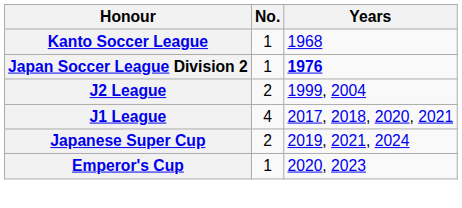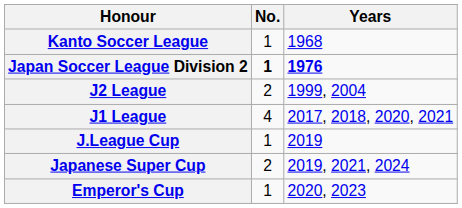 <table class="wikitable">
 <tr>
 <th scope=col>Honour</th>
 <th scope=col>No.</th>
 <th scope=col>Years</th>
 </tr>
 <tr>
 <th scope=row><a href='#'>Kanto Soccer League</a></th>
 <td align="center">1</td>
 <td><a href='#'>1968</a></td>
 </tr>
 <tr>
 <th scope=row><a href='#'>Japan Soccer League</a> Division 2</th>
-<td align="center">1</td>
+<td align="center"><strong>1</strong></td>
 <td><strong><a href='#'>1976</a></strong></td>
 </tr>
 <tr>
 <th scope=row><strong><a href='#'>J2 League</a></strong></th>
 <td align="center">2</td>
 <td><a href='#'>1999</a>, <a href='#'>2004</a></td>
 </tr>
 <tr>
 <th scope=row><a href='#'>J1 League</a></th>
 <td align="center">4</td>
 <td><a href='#'>2017</a>, <a href='#'>2018</a>, <a href='#'>2020</a>, <a href='#'>2021</a></td>
 </tr>
 <tr>
+<th scope=row><strong><a href='#'>J.League Cup</a></strong></th>
+<td align="center">1</td>
+<td><a href='#'>2019</a></td>
+</tr>
+<tr>
 <th scope=row><strong><a href='#'>Japanese Super Cup</a></strong></th>
 <td align="center">2</td>
 <td><a href='#'>2019</a>, <a href='#'>2021</a>, <a href='#'>2024</a></td>
 </tr>
 <tr>
 <th scope=row><strong><a href='#'>Emperor's Cup</a></strong></th>
 <td align="center">1</td>
 <td><a href='#'>2020</a>, <a href='#'>2023</a></td>
 </tr>
 </table>
